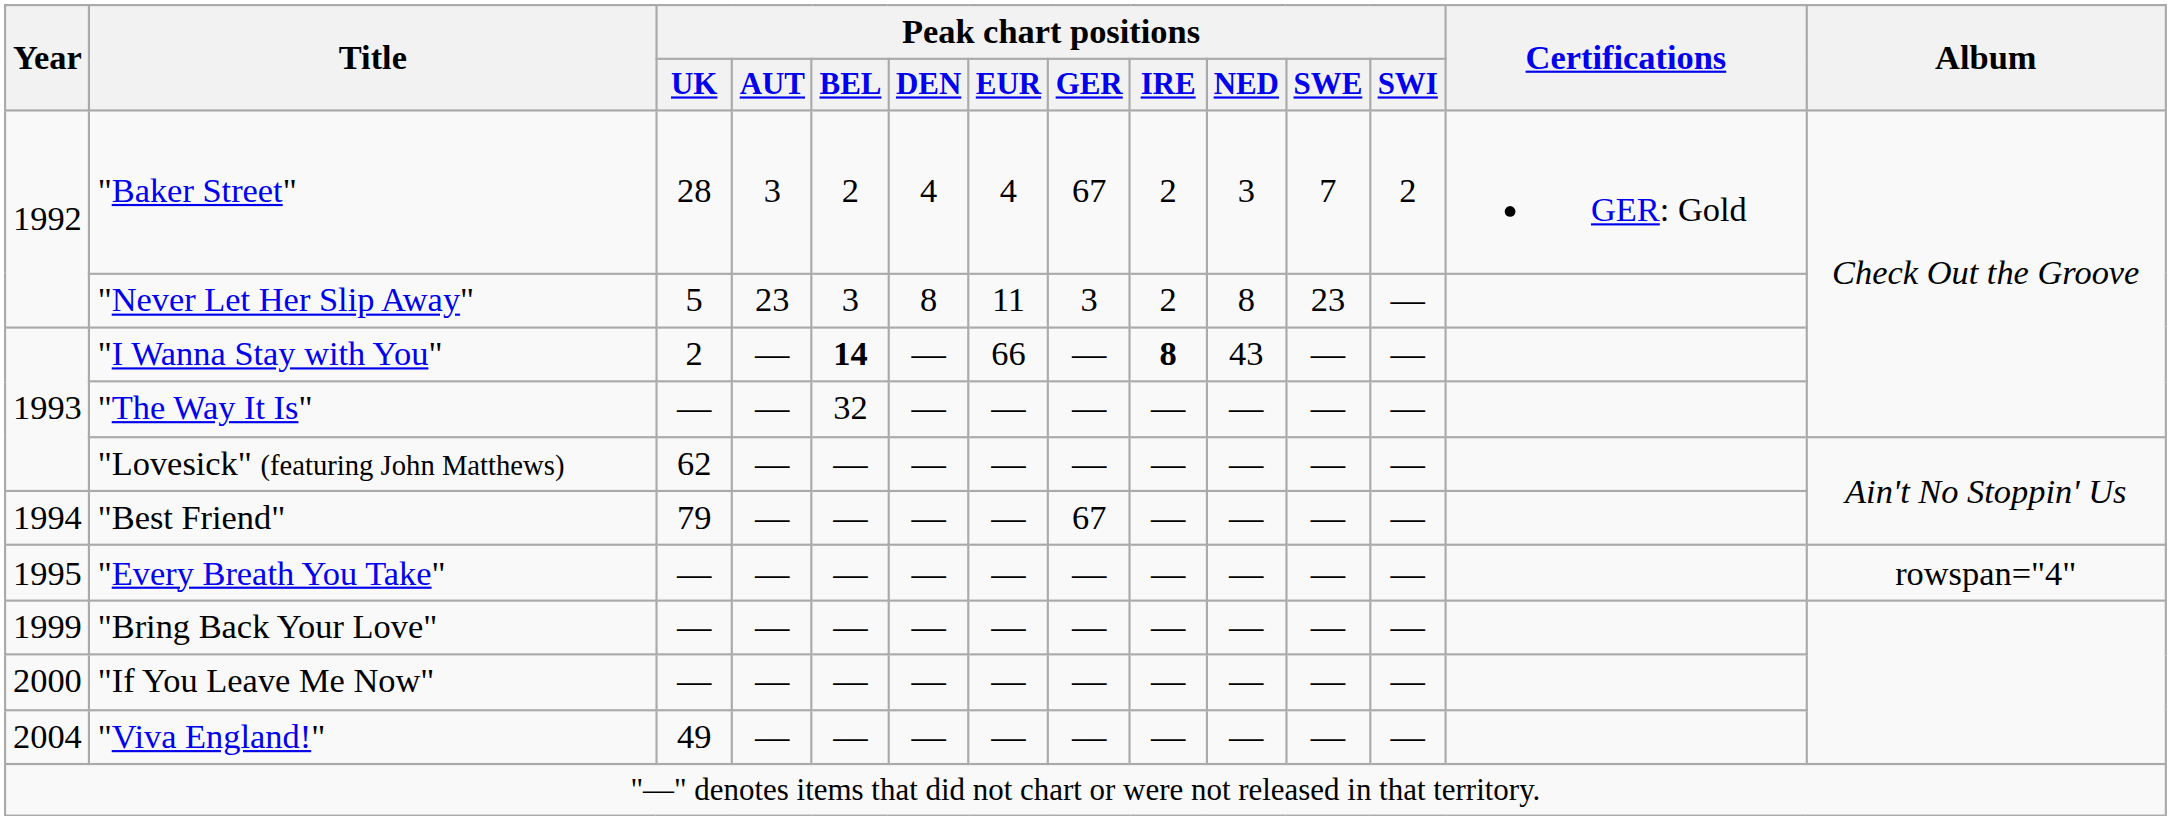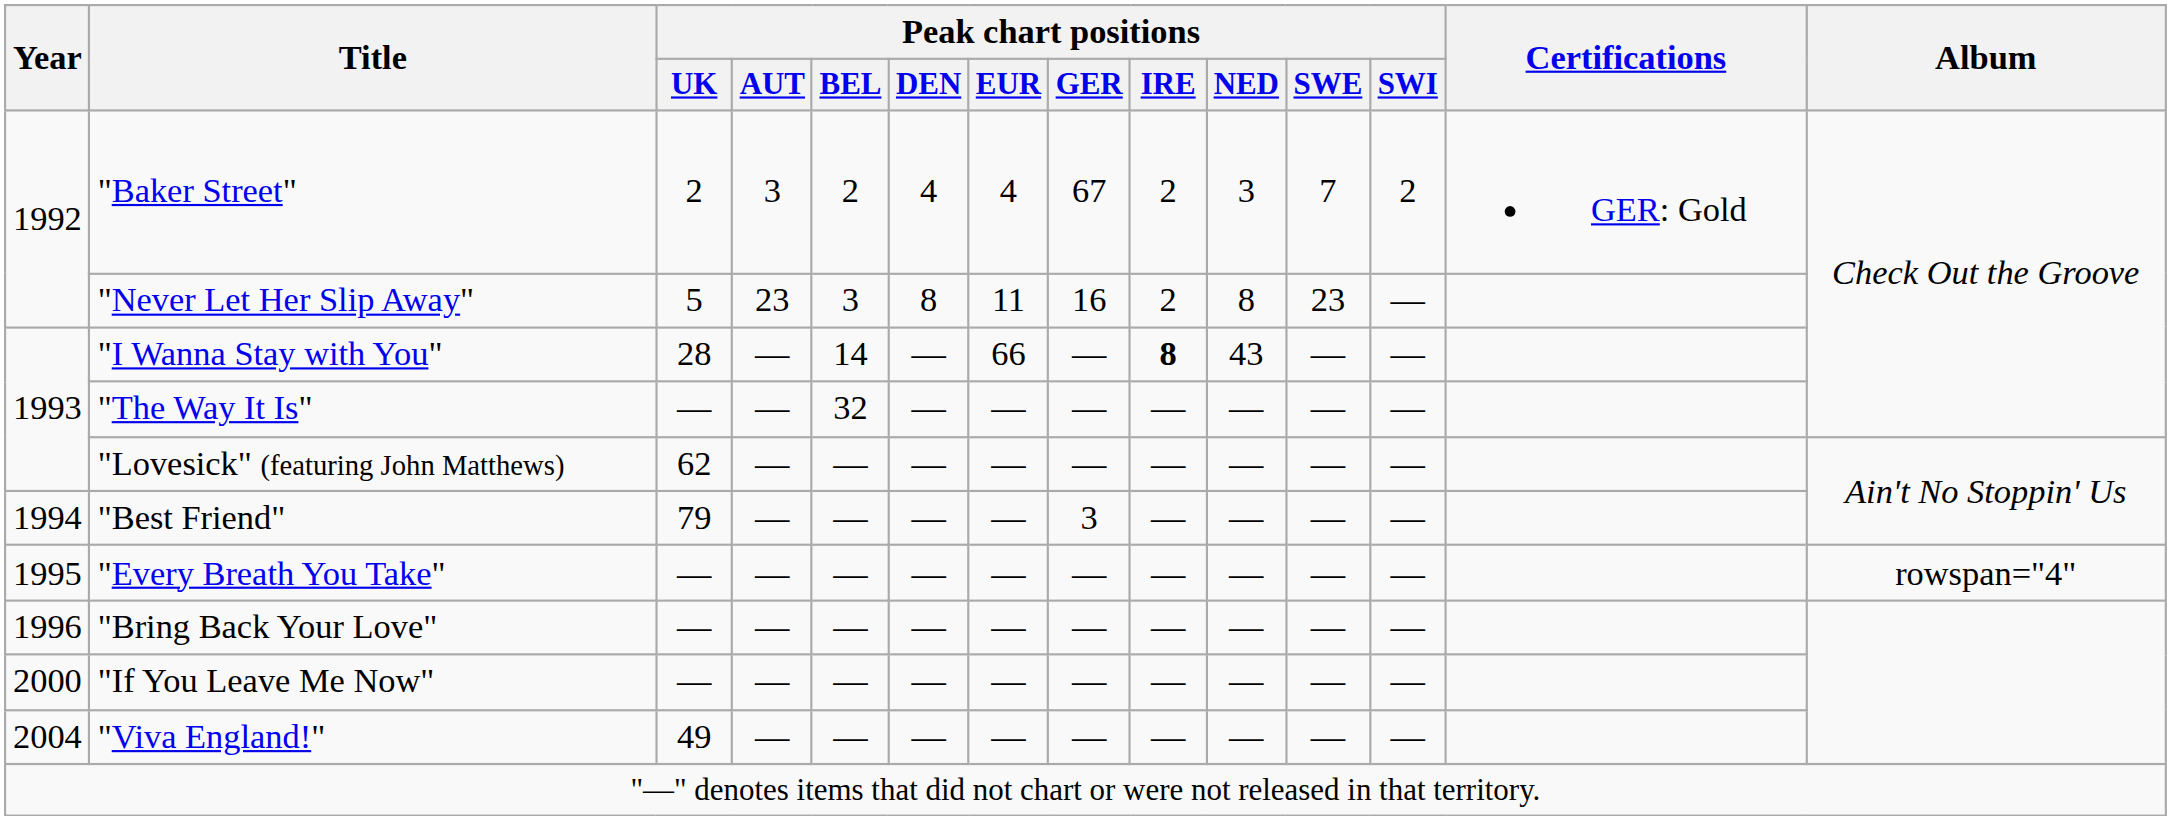 <table class="wikitable" style="text-align:center;">
 <tr>
 <th rowspan="2" style="width:2em;">Year</th>
 <th rowspan="2" style="width:16em;">Title</th>
 <th colspan="10">Peak chart positions</th>
 <th rowspan="2" style="width:10em;"><a href='#'>Certifications</a></th>
 <th rowspan="2" style="width:10em;">Album</th>
 </tr>
 <tr>
 <th style="width:2em;font-size:90%;"><a href='#'>UK</a><br></th>
 <th style="width:2em;font-size:90%;"><a href='#'>AUT</a><br></th>
 <th style="width:2em;font-size:90%;"><a href='#'>BEL</a><br></th>
 <th style="width:2em;font-size:90%;"><a href='#'>DEN</a><br></th>
 <th style="width:2em;font-size:90%;"><a href='#'>EUR</a><br></th>
 <th style="width:2em;font-size:90%;"><a href='#'>GER</a><br></th>
 <th style="width:2em;font-size:90%;"><a href='#'>IRE</a><br></th>
 <th style="width:2em;font-size:90%;"><a href='#'>NED</a><br></th>
 <th style="width:2em;font-size:90%;"><a href='#'>SWE</a><br></th>
 <th style="width:2em;font-size:90%;"><a href='#'>SWI</a><br></th>
 </tr>
 <tr>
 <td rowspan="2">1992</td>
 <td style="text-align:left;">"<a href='#'>Baker Street</a>"</td>
-<td>28</td>
+<td>2</td>
 <td>3</td>
 <td>2</td>
 <td>4</td>
 <td>4</td>
 <td>67</td>
 <td>2</td>
 <td>3</td>
 <td>7</td>
 <td>2</td>
 <td><br><ul><li><a href='#'>GER</a>: Gold</li></ul></td>
 <td rowspan="4"><em>Check Out the Groove</em></td>
 </tr>
 <tr>
 <td style="text-align:left;">"<a href='#'>Never Let Her Slip Away</a>"</td>
 <td>5</td>
 <td>23</td>
 <td>3</td>
 <td>8</td>
 <td>11</td>
-<td>3</td>
+<td>16</td>
 <td>2</td>
 <td>8</td>
 <td>23</td>
 <td>—</td>
 <td></td>
 </tr>
 <tr>
 <td rowspan="3">1993</td>
 <td style="text-align:left;">"<a href='#'>I Wanna Stay with You</a>"</td>
-<td>2</td>
+<td>28</td>
 <td>—</td>
-<td><strong>14</strong></td>
+<td>14</td>
 <td>—</td>
 <td>66</td>
 <td>—</td>
 <td><strong>8</strong></td>
 <td>43</td>
 <td>—</td>
 <td>—</td>
 <td></td>
 </tr>
 <tr>
 <td style="text-align:left;">"<a href='#'>The Way It Is</a>"</td>
 <td>—</td>
 <td>—</td>
 <td>32</td>
 <td>—</td>
 <td>—</td>
 <td>—</td>
 <td>—</td>
 <td>—</td>
 <td>—</td>
 <td>—</td>
 <td></td>
 </tr>
 <tr>
 <td style="text-align:left;">"Lovesick" <small>(featuring John Matthews)</small></td>
 <td>62</td>
 <td>—</td>
 <td>—</td>
 <td>—</td>
 <td>—</td>
 <td>—</td>
 <td>—</td>
 <td>—</td>
 <td>—</td>
 <td>—</td>
 <td></td>
 <td rowspan="2"><em>Ain't No Stoppin' Us</em></td>
 </tr>
 <tr>
 <td>1994</td>
 <td style="text-align:left;">"Best Friend"</td>
 <td>79</td>
 <td>—</td>
 <td>—</td>
 <td>—</td>
 <td>—</td>
-<td>67</td>
+<td>3</td>
 <td>—</td>
 <td>—</td>
 <td>—</td>
 <td>—</td>
 <td></td>
 </tr>
 <tr>
 <td>1995</td>
 <td style="text-align:left;">"<a href='#'>Every Breath You Take</a>"</td>
 <td>—</td>
 <td>—</td>
 <td>—</td>
 <td>—</td>
 <td>—</td>
 <td>—</td>
 <td>—</td>
 <td>—</td>
 <td>—</td>
 <td>—</td>
 <td></td>
 <td>rowspan="4" </td>
 </tr>
 <tr>
-<td>1999</td>
+<td>1996</td>
 <td style="text-align:left;">"Bring Back Your Love"</td>
 <td>—</td>
 <td>—</td>
 <td>—</td>
 <td>—</td>
 <td>—</td>
 <td>—</td>
 <td>—</td>
 <td>—</td>
 <td>—</td>
 <td>—</td>
 <td></td>
 </tr>
 <tr>
 <td>2000</td>
 <td style="text-align:left;">"If You Leave Me Now"</td>
 <td>—</td>
 <td>—</td>
 <td>—</td>
 <td>—</td>
 <td>—</td>
 <td>—</td>
 <td>—</td>
 <td>—</td>
 <td>—</td>
 <td>—</td>
 <td></td>
 </tr>
 <tr>
 <td>2004</td>
 <td style="text-align:left;">"<a href='#'>Viva England!</a>"</td>
 <td>49</td>
 <td>—</td>
 <td>—</td>
 <td>—</td>
 <td>—</td>
 <td>—</td>
 <td>—</td>
 <td>—</td>
 <td>—</td>
 <td>—</td>
 <td></td>
 </tr>
 <tr>
 <td colspan="15" style="font-size:90%">"—" denotes items that did not chart or were not released in that territory.</td>
 </tr>
 </table>
